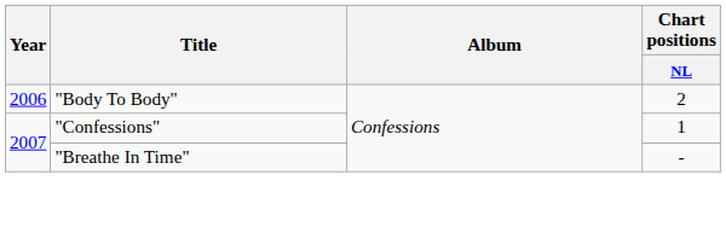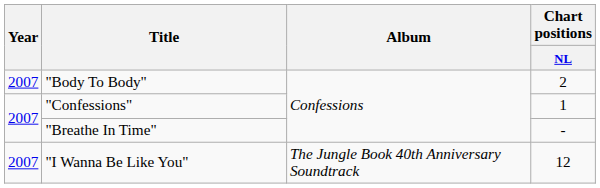 <table class="wikitable">
 <tr>
 <th width="28" rowspan="2">Year</th>
 <th width="250" rowspan="2">Title</th>
 <th width="250" rowspan="2">Album</th>
 <th colspan="1">Chart positions</th>
 </tr>
 <tr bgcolor="#DDDDDD">
 <th width="30"><small><a href='#'>NL</a></small></th>
 </tr>
 <tr>
-<td align="left" rowspan="1"><a href='#'>2006</a></td>
+<td align="left" rowspan="1"><a href='#'>2007</a></td>
 <td align="left">"Body To Body"</td>
 <td align="left" rowspan="3"><em>Confessions</em></td>
 <td align="center">2</td>
 </tr>
 <tr>
 <td align="left" rowspan="2"><a href='#'>2007</a></td>
 <td align="left">"Confessions"</td>
 <td align="center">1</td>
 </tr>
 <tr>
 <td align="left">"Breathe In Time"</td>
 <td align="center">-</td>
 </tr>
+<tr>
+<td align="left" rowspan="1"><a href='#'>2007</a></td>
+<td align="left">"I Wanna Be Like You"</td>
+<td align="left" rowspan="1"><em>The Jungle Book 40th Anniversary Soundtrack</em></td>
+<td align="center">12</td>
+</tr>
 </table>
